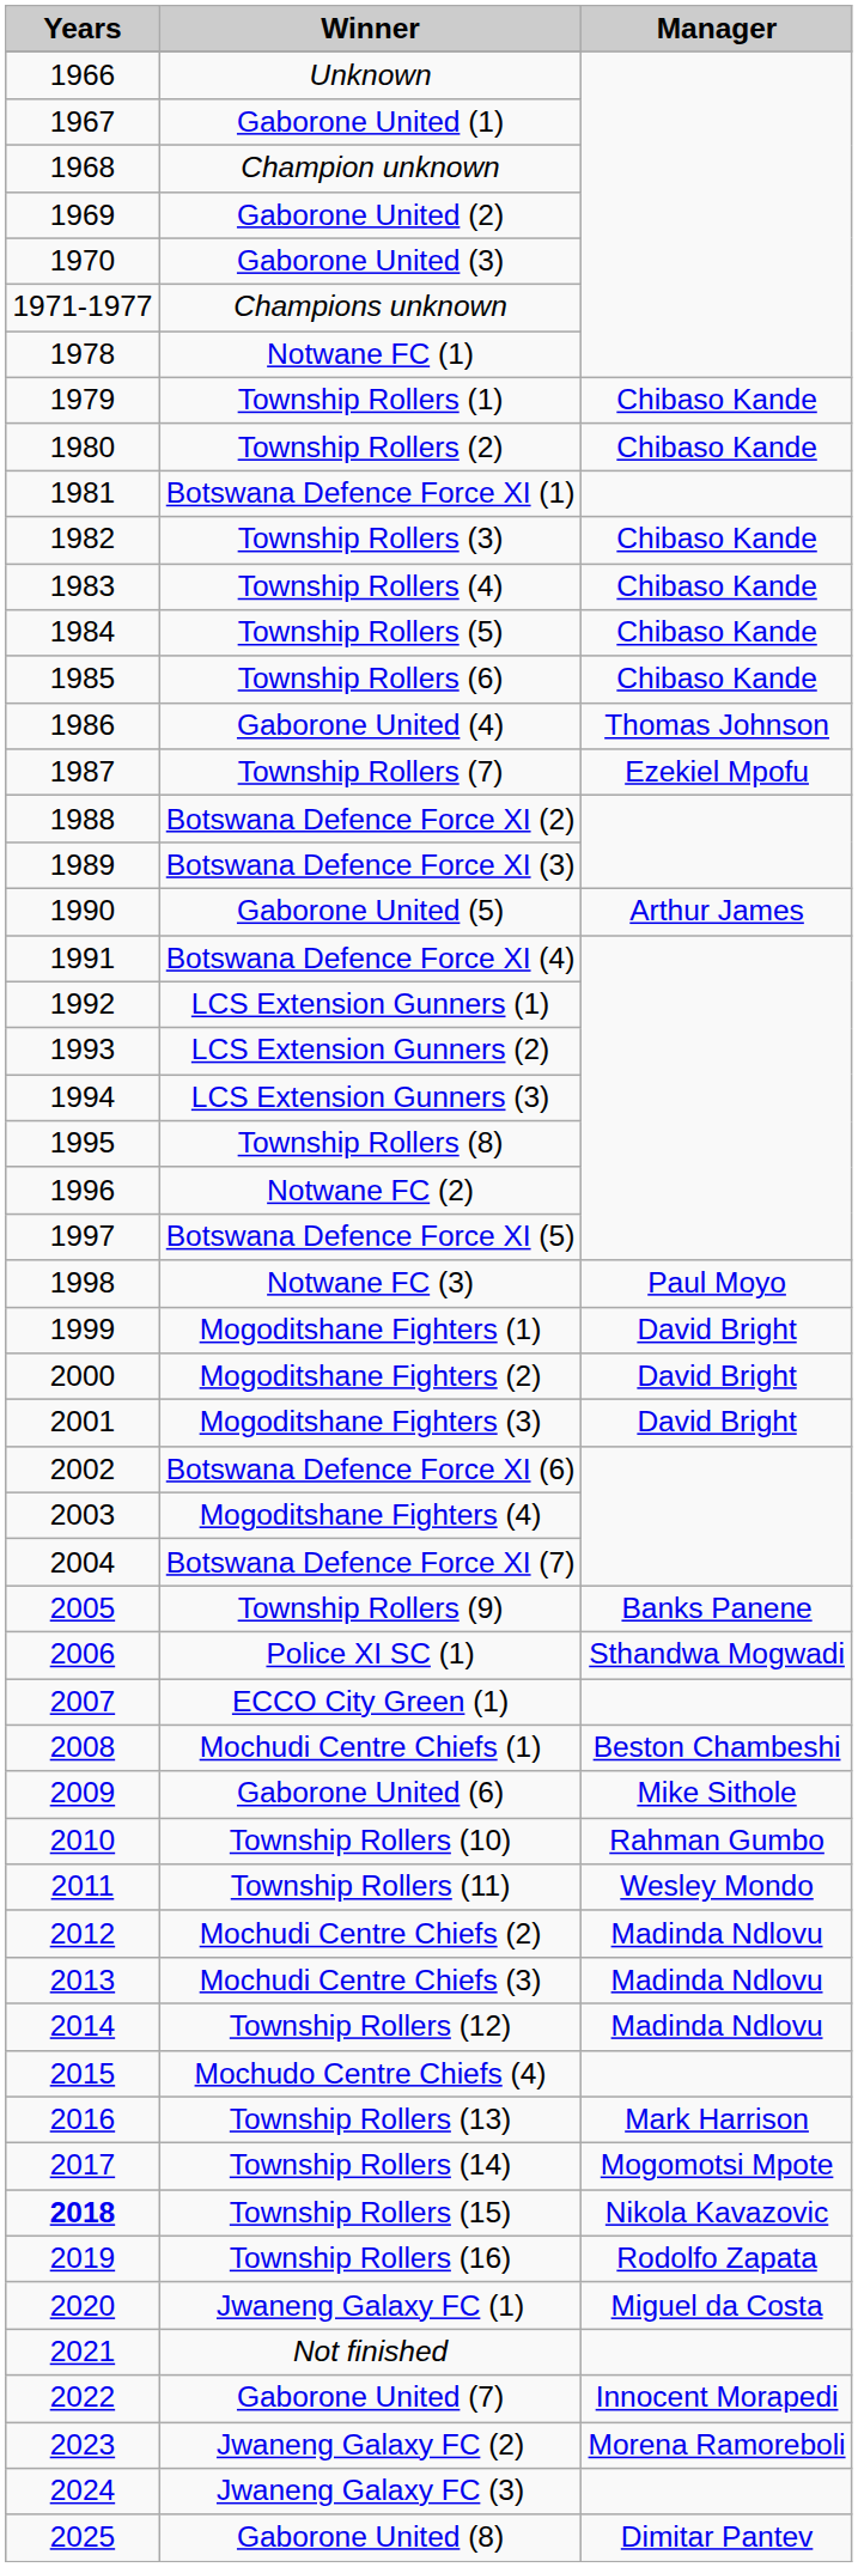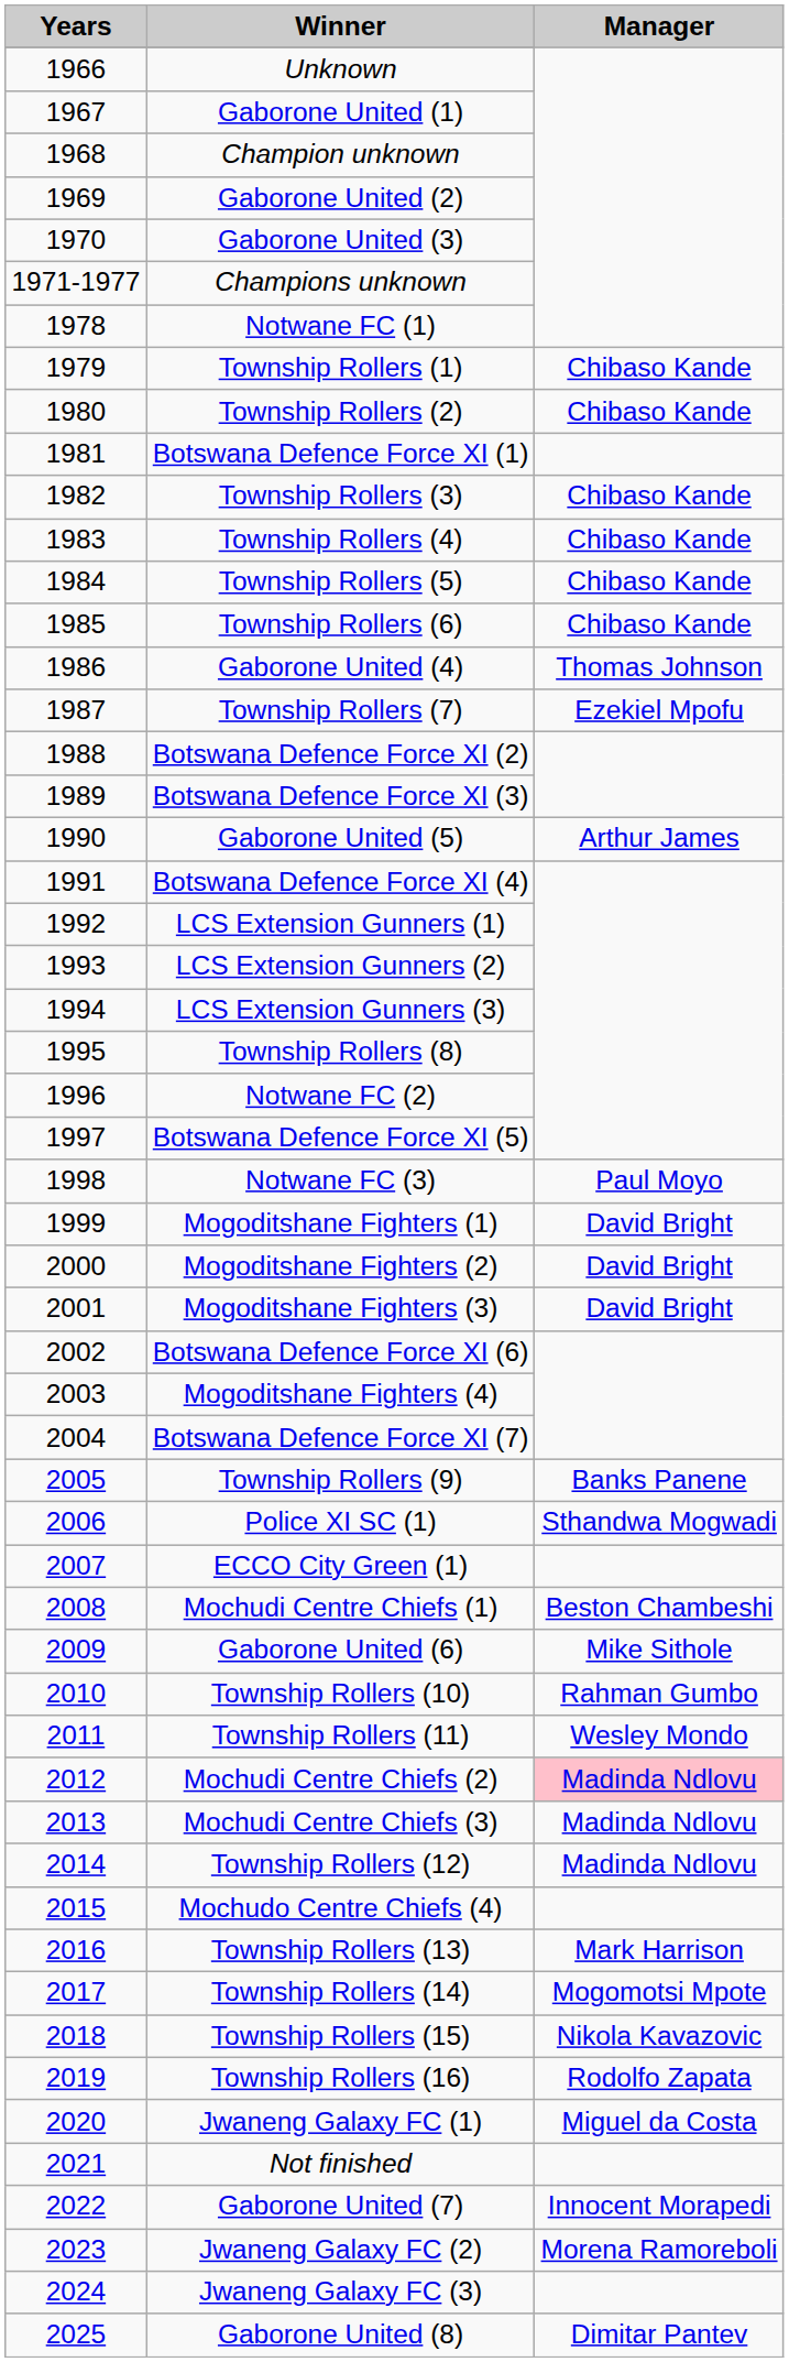 <table class="wikitable" style="text-align: center;">
 <tr bgcolor="#CCCCCC">
 <td><strong>Years</strong></td>
 <td><strong>Winner</strong></td>
 <td><strong>Manager</strong></td>
 </tr>
 <tr bgcolor="#EFEFEF">
 </tr>
 <tr>
 <td>1966</td>
 <td><em>Unknown</em></td>
 </tr>
 <tr>
 <td>1967</td>
 <td><a href='#'>Gaborone United</a> (1)</td>
 </tr>
 <tr>
 <td>1968</td>
 <td><em>Champion unknown</em></td>
 </tr>
 <tr>
 <td>1969</td>
 <td><a href='#'>Gaborone United</a> (2)</td>
 </tr>
 <tr>
 <td>1970</td>
 <td><a href='#'>Gaborone United</a> (3)</td>
 </tr>
 <tr>
 <td>1971-1977</td>
 <td><em>Champions unknown</em></td>
 </tr>
 <tr>
 <td>1978</td>
 <td><a href='#'>Notwane FC</a> (1)</td>
 </tr>
 <tr>
 <td>1979</td>
 <td><a href='#'>Township Rollers</a> (1)</td>
 <td> <a href='#'>Chibaso Kande</a></td>
 </tr>
 <tr>
 <td>1980</td>
 <td><a href='#'>Township Rollers</a> (2)</td>
 <td> <a href='#'>Chibaso Kande</a></td>
 </tr>
 <tr>
 <td>1981</td>
 <td><a href='#'>Botswana Defence Force XI</a> (1)</td>
 </tr>
 <tr>
 <td>1982</td>
 <td><a href='#'>Township Rollers</a> (3)</td>
 <td> <a href='#'>Chibaso Kande</a></td>
 </tr>
 <tr>
 <td>1983</td>
 <td><a href='#'>Township Rollers</a> (4)</td>
 <td> <a href='#'>Chibaso Kande</a></td>
 </tr>
 <tr>
 <td>1984</td>
 <td><a href='#'>Township Rollers</a> (5)</td>
 <td> <a href='#'>Chibaso Kande</a></td>
 </tr>
 <tr>
 <td>1985</td>
 <td><a href='#'>Township Rollers</a> (6)</td>
 <td> <a href='#'>Chibaso Kande</a></td>
 </tr>
 <tr>
 <td>1986</td>
 <td><a href='#'>Gaborone United</a> (4)</td>
 <td> <a href='#'>Thomas Johnson</a></td>
 </tr>
 <tr>
 <td>1987</td>
 <td><a href='#'>Township Rollers</a> (7)</td>
 <td> <a href='#'>Ezekiel Mpofu</a></td>
 </tr>
 <tr>
 <td>1988</td>
 <td><a href='#'>Botswana Defence Force XI</a> (2)</td>
 </tr>
 <tr>
 <td>1989</td>
 <td><a href='#'>Botswana Defence Force XI</a> (3)</td>
 </tr>
 <tr>
 <td>1990</td>
 <td><a href='#'>Gaborone United</a> (5)</td>
 <td> <a href='#'>Arthur James</a></td>
 </tr>
 <tr>
 <td>1991</td>
 <td><a href='#'>Botswana Defence Force XI</a> (4)</td>
 </tr>
 <tr>
 <td>1992</td>
 <td><a href='#'>LCS Extension Gunners</a> (1)</td>
 </tr>
 <tr>
 <td>1993</td>
 <td><a href='#'>LCS Extension Gunners</a> (2)</td>
 </tr>
 <tr>
 <td>1994</td>
 <td><a href='#'>LCS Extension Gunners</a> (3)</td>
 </tr>
 <tr>
 <td>1995</td>
 <td><a href='#'>Township Rollers</a> (8)</td>
 </tr>
 <tr>
 <td>1996</td>
 <td><a href='#'>Notwane FC</a> (2)</td>
 </tr>
 <tr>
 <td>1997</td>
 <td><a href='#'>Botswana Defence Force XI</a> (5)</td>
 </tr>
 <tr>
 <td>1998</td>
 <td><a href='#'>Notwane FC</a> (3)</td>
 <td> <a href='#'>Paul Moyo</a></td>
 </tr>
 <tr>
 <td>1999</td>
 <td><a href='#'>Mogoditshane Fighters</a> (1)</td>
 <td> <a href='#'>David Bright</a></td>
 </tr>
 <tr>
 <td>2000</td>
 <td><a href='#'>Mogoditshane Fighters</a> (2)</td>
 <td> <a href='#'>David Bright</a></td>
 </tr>
 <tr>
 <td>2001</td>
 <td><a href='#'>Mogoditshane Fighters</a> (3)</td>
 <td> <a href='#'>David Bright</a></td>
 </tr>
 <tr>
 <td>2002</td>
 <td><a href='#'>Botswana Defence Force XI</a> (6)</td>
 </tr>
 <tr>
 <td>2003</td>
 <td><a href='#'>Mogoditshane Fighters</a> (4)</td>
 </tr>
 <tr>
 <td>2004</td>
 <td><a href='#'>Botswana Defence Force XI</a> (7)</td>
 </tr>
 <tr>
 <td><a href='#'>2005</a></td>
 <td><a href='#'>Township Rollers</a> (9)</td>
 <td> <a href='#'>Banks Panene</a></td>
 </tr>
 <tr>
 <td><a href='#'>2006</a></td>
 <td><a href='#'>Police XI SC</a> (1)</td>
 <td> <a href='#'>Sthandwa Mogwadi</a></td>
 </tr>
 <tr>
 <td><a href='#'>2007</a></td>
 <td><a href='#'>ECCO City Green</a> (1)</td>
 </tr>
 <tr>
 <td><a href='#'>2008</a></td>
 <td><a href='#'>Mochudi Centre Chiefs</a> (1)</td>
 <td> <a href='#'>Beston Chambeshi</a></td>
 </tr>
 <tr>
 <td><a href='#'>2009</a></td>
 <td><a href='#'>Gaborone United</a> (6)</td>
 <td> <a href='#'>Mike Sithole</a></td>
 </tr>
 <tr>
 <td><a href='#'>2010</a></td>
 <td><a href='#'>Township Rollers</a> (10)</td>
 <td> <a href='#'>Rahman Gumbo</a></td>
 </tr>
 <tr>
 <td><a href='#'>2011</a></td>
 <td><a href='#'>Township Rollers</a> (11)</td>
 <td> <a href='#'>Wesley Mondo</a></td>
 </tr>
 <tr>
 <td><a href='#'>2012</a></td>
 <td><a href='#'>Mochudi Centre Chiefs</a> (2)</td>
-<td> <a href='#'>Madinda Ndlovu</a></td>
+<td style="background: pink;"> <a href='#'>Madinda Ndlovu</a></td>
 </tr>
 <tr>
 <td><a href='#'>2013</a></td>
 <td><a href='#'>Mochudi Centre Chiefs</a> (3)</td>
 <td> <a href='#'>Madinda Ndlovu</a></td>
 </tr>
 <tr>
 <td><a href='#'>2014</a></td>
 <td><a href='#'>Township Rollers</a> (12)</td>
 <td> <a href='#'>Madinda Ndlovu</a></td>
 </tr>
 <tr>
 <td><a href='#'>2015</a></td>
 <td><a href='#'>Mochudo Centre Chiefs</a> (4)</td>
 </tr>
 <tr>
 <td><a href='#'>2016</a></td>
 <td><a href='#'>Township Rollers</a> (13)</td>
 <td> <a href='#'>Mark Harrison</a></td>
 </tr>
 <tr>
 <td><a href='#'>2017</a></td>
 <td><a href='#'>Township Rollers</a> (14)</td>
 <td> <a href='#'>Mogomotsi Mpote</a></td>
 </tr>
 <tr>
-<td><strong><a href='#'>2018</a></strong></td>
+<td><a href='#'>2018</a></td>
 <td><a href='#'>Township Rollers</a> (15)</td>
 <td> <a href='#'>Nikola Kavazovic</a></td>
 </tr>
 <tr>
 <td><a href='#'>2019</a></td>
 <td><a href='#'>Township Rollers</a> (16)</td>
 <td> <a href='#'>Rodolfo Zapata</a></td>
 </tr>
 <tr>
 <td><a href='#'>2020</a></td>
 <td><a href='#'>Jwaneng Galaxy FC</a> (1)</td>
 <td> <a href='#'>Miguel da Costa</a></td>
 </tr>
 <tr>
 <td><a href='#'>2021</a></td>
 <td><em>Not finished</em></td>
 </tr>
 <tr>
 <td><a href='#'>2022</a></td>
 <td><a href='#'>Gaborone United</a> (7)</td>
 <td> <a href='#'>Innocent Morapedi</a></td>
 </tr>
 <tr>
 <td><a href='#'>2023</a></td>
 <td><a href='#'>Jwaneng Galaxy FC</a> (2)</td>
 <td> <a href='#'>Morena Ramoreboli</a></td>
 </tr>
 <tr>
 <td><a href='#'>2024</a></td>
 <td><a href='#'>Jwaneng Galaxy FC</a> (3)</td>
 </tr>
 <tr>
 <td><a href='#'>2025</a></td>
 <td><a href='#'>Gaborone United</a> (8)</td>
 <td> <a href='#'>Dimitar Pantev</a></td>
 </tr>
 </table>
